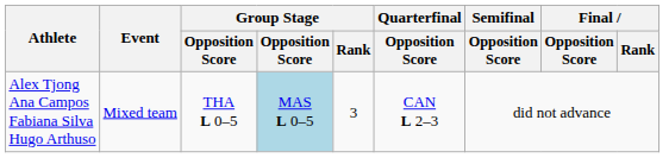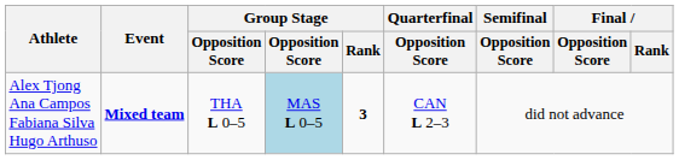 <table class=wikitable style="font-size:90%">
 <tr>
 <th rowspan=2>Athlete</th>
 <th rowspan=2>Event</th>
 <th colspan=3>Group Stage</th>
 <th>Quarterfinal</th>
 <th>Semifinal</th>
 <th colspan=2>Final / </th>
 </tr>
 <tr style="font-size:95%">
 <th>Opposition<br>Score</th>
 <th>Opposition<br>Score</th>
 <th>Rank</th>
 <th>Opposition<br>Score</th>
 <th>Opposition<br>Score</th>
 <th>Opposition<br>Score</th>
 <th>Rank</th>
 </tr>
 <tr align=center>
 <td align=left><a href='#'>Alex Tjong</a><br><a href='#'>Ana Campos</a><br><a href='#'>Fabiana Silva</a><br><a href='#'>Hugo Arthuso</a></td>
-<td align=left><a href='#'>Mixed team</a></td>
+<td align=left><strong><a href='#'>Mixed team</a></strong></td>
 <td> <a href='#'>THA</a><br><strong>L</strong> 0–5</td>
 <td style="background: lightblue;"> <a href='#'>MAS</a><br><strong>L</strong> 0–5</td>
-<td>3</td>
+<td><strong>3</strong></td>
 <td> <a href='#'>CAN</a><br><strong>L</strong> 2–3</td>
 <td colspan="3">did not advance</td>
 </tr>
 </table>
